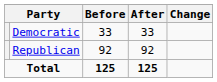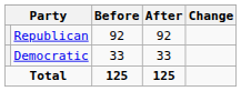 <table class="wikitable" style="text-align:center;">
 <tr>
 </tr>
 <tr>
 <th colspan=2>Party</th>
 <th>Before</th>
 <th>After</th>
 <th>Change</th>
 </tr>
 <tr>
 <th style="background-color:"></th>
-<td style="text-align:left;"><a href='#'>Democratic</a></td>
-<td>33</td>
-<td>33</td>
+<td style="text-align:left;"><a href='#'>Republican</a></td>
+<td>92</td>
+<td>92</td>
 <td></td>
 </tr>
 <tr>
 <th style="background-color:"></th>
-<td style="text-align:left;"><a href='#'>Republican</a></td>
-<td>92</td>
-<td>92</td>
+<td style="text-align:left;"><a href='#'>Democratic</a></td>
+<td>33</td>
+<td>33</td>
 <td></td>
 </tr>
 <tr>
 <td colspan=2><strong>Total</strong></td>
 <td><strong>125</strong></td>
 <td><strong>125</strong></td>
 <td></td>
 </tr>
 </table>
